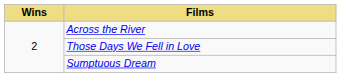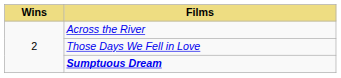 <table class="wikitable" align="center" style="width:25%">
 <tr>
 <th style="background:#EEDD82;" align="center">Wins</th>
 <th style="background:#EEDD82;" align="center">Films</th>
 </tr>
 <tr>
 <td rowspan="3" style="text-align:center">2</td>
 <td><em><a href='#'>Across the River</a></em></td>
 </tr>
 <tr>
 <td><em><a href='#'>Those Days We Fell in Love</a></em></td>
 </tr>
 <tr>
-<td><em><a href='#'>Sumptuous Dream</a></em></td>
+<td><strong><em><a href='#'>Sumptuous Dream</a></em></strong></td>
 </tr>
 </table>
